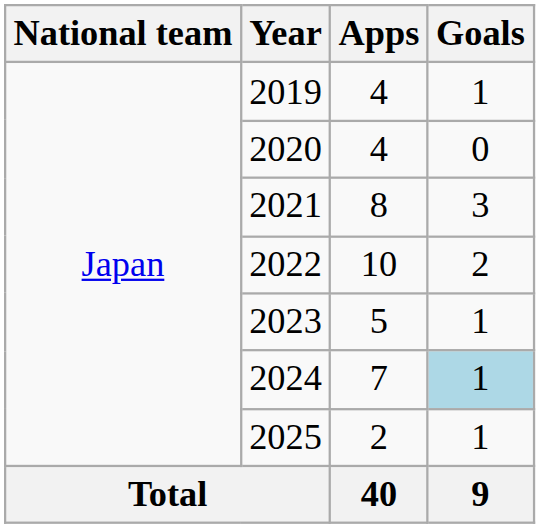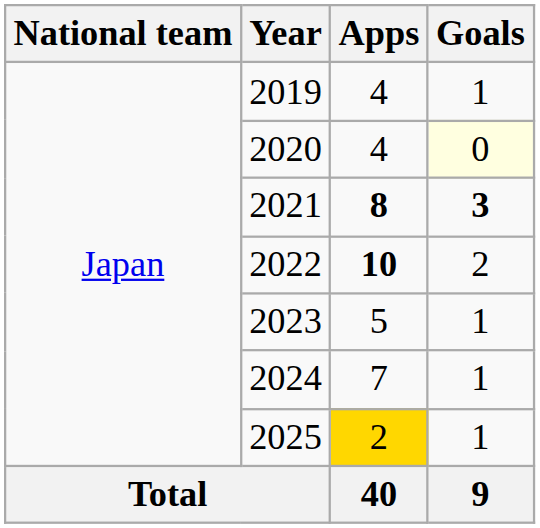 <table class="wikitable" style="text-align:center">
 <tr>
 <th>National team</th>
 <th>Year</th>
 <th>Apps</th>
 <th>Goals</th>
 </tr>
 <tr>
 <td rowspan="7"><a href='#'>Japan</a></td>
 <td>2019</td>
 <td>4</td>
 <td>1</td>
 </tr>
 <tr>
 <td>2020</td>
 <td>4</td>
-<td>0</td>
+<td style="background: lightyellow;">0</td>
 </tr>
 <tr>
 <td>2021</td>
-<td>8</td>
-<td>3</td>
+<td><strong>8</strong></td>
+<td><strong>3</strong></td>
 </tr>
 <tr>
 <td>2022</td>
-<td>10</td>
+<td><strong>10</strong></td>
 <td>2</td>
 </tr>
 <tr>
 <td>2023</td>
 <td>5</td>
 <td>1</td>
 </tr>
 <tr>
 <td>2024</td>
 <td>7</td>
-<td style="background: lightblue;">1</td>
+<td>1</td>
 </tr>
 <tr>
 <td>2025</td>
-<td>2</td>
+<td style="background: gold;">2</td>
 <td>1</td>
 </tr>
 <tr>
 <th colspan="2">Total</th>
 <th>40</th>
 <th>9</th>
 </tr>
 </table>
